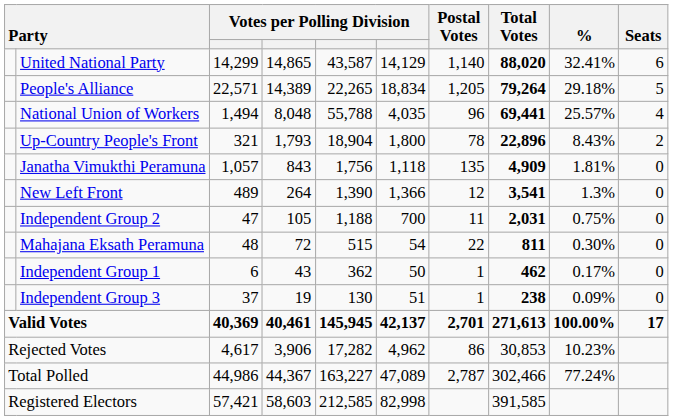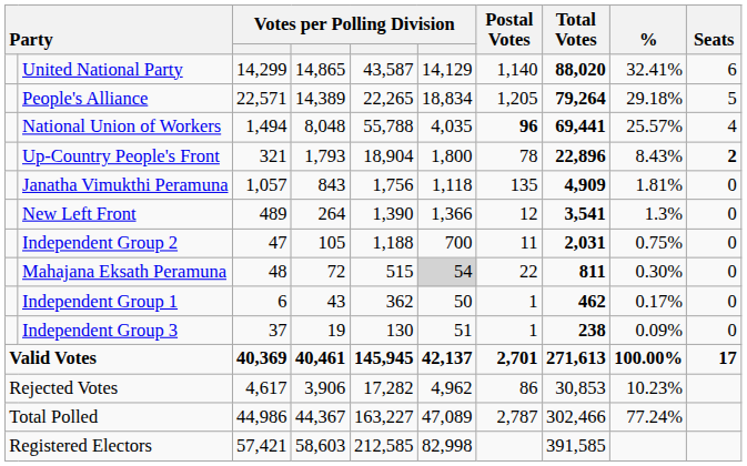 <table class="wikitable" border="1" style="text-align:right;">
 <tr>
 <th style="text-align:left; vertical-align:bottom;" rowspan="2" colspan="2">Party</th>
 <th colspan=4>Votes per Polling Division</th>
 <th rowspan="2" style="vertical-align:bottom; text-align:center; width:50px;">Postal<br>Votes</th>
 <th rowspan="2" style="vertical-align:bottom; text-align:center; width:50px;">Total Votes</th>
 <th rowspan="2" style="vertical-align:bottom; text-align:center; width:50px;">%</th>
 <th rowspan="2" style="vertical-align:bottom; text-align:center; width:40px;">Seats</th>
 </tr>
 <tr>
 <th></th>
 <th></th>
 <th></th>
 <th></th>
 </tr>
 <tr>
 <td bgcolor=> </td>
 <td align=left><a href='#'>United National Party</a></td>
 <td>14,299</td>
 <td>14,865</td>
 <td>43,587</td>
 <td>14,129</td>
 <td>1,140</td>
 <td><strong>88,020</strong></td>
 <td>32.41%</td>
 <td>6</td>
 </tr>
 <tr>
 <td bgcolor=> </td>
 <td align=left><a href='#'>People's Alliance</a></td>
 <td>22,571</td>
 <td>14,389</td>
 <td>22,265</td>
 <td>18,834</td>
 <td>1,205</td>
 <td><strong>79,264</strong></td>
 <td>29.18%</td>
 <td>5</td>
 </tr>
 <tr>
 <td bgcolor=> </td>
 <td align=left><a href='#'>National Union of Workers</a></td>
 <td>1,494</td>
 <td>8,048</td>
 <td>55,788</td>
 <td>4,035</td>
-<td>96</td>
+<td><strong>96</strong></td>
 <td><strong>69,441</strong></td>
 <td>25.57%</td>
 <td>4</td>
 </tr>
 <tr>
 <td bgcolor=> </td>
 <td align=left><a href='#'>Up-Country People's Front</a></td>
 <td>321</td>
 <td>1,793</td>
 <td>18,904</td>
 <td>1,800</td>
 <td>78</td>
 <td><strong>22,896</strong></td>
 <td>8.43%</td>
-<td>2</td>
+<td><strong>2</strong></td>
 </tr>
 <tr>
 <td bgcolor=> </td>
 <td align=left><a href='#'>Janatha Vimukthi Peramuna</a></td>
 <td>1,057</td>
 <td>843</td>
 <td>1,756</td>
 <td>1,118</td>
 <td>135</td>
 <td><strong>4,909</strong></td>
 <td>1.81%</td>
 <td>0</td>
 </tr>
 <tr>
 <td bgcolor=> </td>
 <td align=left><a href='#'>New Left Front</a></td>
 <td>489</td>
 <td>264</td>
 <td>1,390</td>
 <td>1,366</td>
 <td>12</td>
 <td><strong>3,541</strong></td>
 <td>1.3%</td>
 <td>0</td>
 </tr>
 <tr>
 <td bgcolor=> </td>
 <td align=left><a href='#'>Independent Group 2</a></td>
 <td>47</td>
 <td>105</td>
 <td>1,188</td>
 <td>700</td>
 <td>11</td>
 <td><strong>2,031</strong></td>
 <td>0.75%</td>
 <td>0</td>
 </tr>
 <tr>
 <td bgcolor=> </td>
 <td align=left><a href='#'>Mahajana Eksath Peramuna</a></td>
 <td>48</td>
 <td>72</td>
 <td>515</td>
-<td>54</td>
+<td style="background: lightgrey;">54</td>
 <td>22</td>
 <td><strong>811</strong></td>
 <td>0.30%</td>
 <td>0</td>
 </tr>
 <tr>
 <td bgcolor=> </td>
 <td align=left><a href='#'>Independent Group 1</a></td>
 <td>6</td>
 <td>43</td>
 <td>362</td>
 <td>50</td>
 <td>1</td>
 <td><strong>462</strong></td>
 <td>0.17%</td>
 <td>0</td>
 </tr>
 <tr>
 <td bgcolor=> </td>
 <td align=left><a href='#'>Independent Group 3</a></td>
 <td>37</td>
 <td>19</td>
 <td>130</td>
 <td>51</td>
 <td>1</td>
 <td><strong>238</strong></td>
 <td>0.09%</td>
 <td>0</td>
 </tr>
 <tr>
 <td align=left colspan=2><strong>Valid Votes</strong></td>
 <td><strong>40,369</strong></td>
 <td><strong>40,461</strong></td>
 <td><strong>145,945</strong></td>
 <td><strong>42,137</strong></td>
 <td><strong>2,701</strong></td>
 <td><strong>271,613</strong></td>
 <td><strong>100.00%</strong></td>
 <td><strong>17</strong></td>
 </tr>
 <tr>
 <td align=left colspan=2>Rejected Votes</td>
 <td>4,617</td>
 <td>3,906</td>
 <td>17,282</td>
 <td>4,962</td>
 <td>86</td>
 <td>30,853</td>
 <td>10.23%</td>
 <td></td>
 </tr>
 <tr>
 <td align=left colspan=2>Total Polled</td>
 <td>44,986</td>
 <td>44,367</td>
 <td>163,227</td>
 <td>47,089</td>
 <td>2,787</td>
 <td>302,466</td>
 <td>77.24%</td>
 <td></td>
 </tr>
 <tr>
 <td align=left colspan=2>Registered Electors</td>
 <td>57,421</td>
 <td>58,603</td>
 <td>212,585</td>
 <td>82,998</td>
 <td></td>
 <td>391,585</td>
 <td></td>
 <td></td>
 </tr>
 </table>
